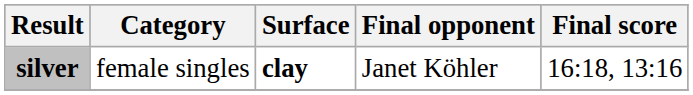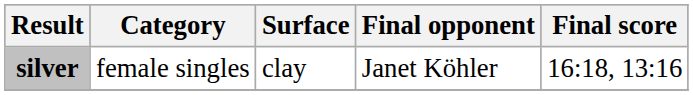 <table class=wikitable>
 <tr>
 <th>Result</th>
 <th>Category</th>
 <th>Surface</th>
 <th>Final opponent</th>
 <th>Final score</th>
 </tr>
 <tr bgcolor=white>
 <th style="background:silver;"><strong>silver</strong></th>
 <td>female singles</td>
-<td><strong>clay</strong></td>
+<td>clay</td>
 <td> Janet Köhler</td>
 <td>16:18, 13:16</td>
 </tr>
 <tr bgcolor=moccasin>
 </tr>
 </table>
